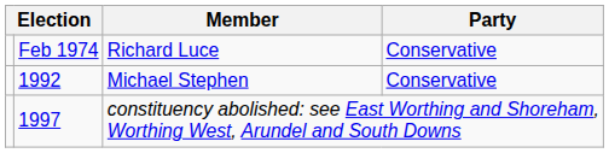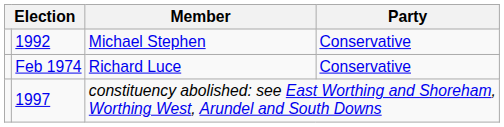 <table class="wikitable">
 <tr>
 <th colspan="2">Election</th>
 <th>Member</th>
 <th>Party</th>
 </tr>
 <tr>
 <td style="color:inherit;background-color: "></td>
-<td><a href='#'>Feb 1974</a></td>
-<td><a href='#'>Richard Luce</a></td>
+<td><a href='#'>1992</a></td>
+<td><a href='#'>Michael Stephen</a></td>
 <td><a href='#'>Conservative</a></td>
 </tr>
 <tr>
 <td style="color:inherit;background-color: "></td>
-<td><a href='#'>1992</a></td>
-<td><a href='#'>Michael Stephen</a></td>
+<td><a href='#'>Feb 1974</a></td>
+<td><a href='#'>Richard Luce</a></td>
 <td><a href='#'>Conservative</a></td>
 </tr>
 <tr>
 <td></td>
 <td><a href='#'>1997</a></td>
 <td colspan="2"><em>constituency abolished: see <a href='#'>East Worthing and Shoreham</a>, <br><a href='#'>Worthing West</a>, <a href='#'>Arundel and South Downs</a></em></td>
 </tr>
 </table>
